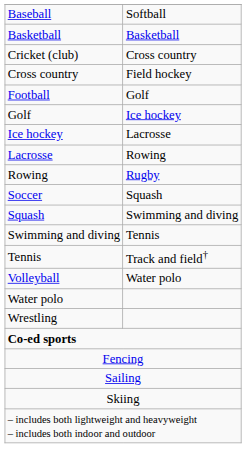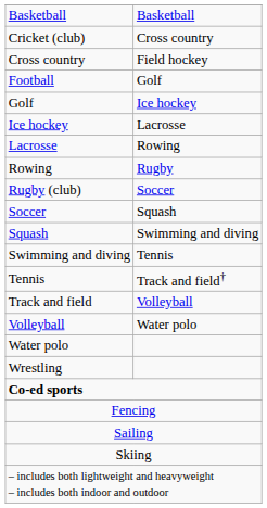 <table class="wikitable" style="float:right; clear:right; margin:0 0 1em 1em;">
 <tr>
-</tr>
-<tr>
-<td><a href='#'>Baseball</a></td>
-<td>Softball</td>
 </tr>
 <tr>
 <td><a href='#'>Basketball</a></td>
 <td><a href='#'>Basketball</a></td>
 </tr>
 <tr>
 <td>Cricket (club)</td>
 <td>Cross country</td>
 </tr>
 <tr>
 <td>Cross country</td>
 <td>Field hockey</td>
 </tr>
 <tr>
 <td><a href='#'>Football</a></td>
 <td>Golf</td>
 </tr>
 <tr>
 <td>Golf</td>
 <td><a href='#'>Ice hockey</a></td>
 </tr>
 <tr>
 <td><a href='#'>Ice hockey</a></td>
 <td>Lacrosse</td>
 </tr>
 <tr>
 <td><a href='#'>Lacrosse</a></td>
 <td>Rowing</td>
 </tr>
 <tr>
 <td>Rowing</td>
 <td><a href='#'>Rugby</a></td>
 </tr>
 <tr>
+<td><a href='#'>Rugby</a> (club)</td>
+<td><a href='#'>Soccer</a></td>
+</tr>
+<tr>
 <td><a href='#'>Soccer</a></td>
 <td>Squash</td>
 </tr>
 <tr>
 <td><a href='#'>Squash</a></td>
 <td>Swimming and diving</td>
 </tr>
 <tr>
 <td>Swimming and diving</td>
 <td>Tennis</td>
 </tr>
 <tr>
 <td>Tennis</td>
 <td>Track and field<sup>†</sup></td>
+</tr>
+<tr>
+<td>Track and field</td>
+<td><a href='#'>Volleyball</a></td>
 </tr>
 <tr>
 <td><a href='#'>Volleyball</a></td>
 <td>Water polo</td>
 </tr>
 <tr>
 <td>Water polo</td>
 <td></td>
 </tr>
 <tr>
 <td>Wrestling</td>
 <td></td>
 </tr>
 <tr>
 <td colspan="2"><strong>Co-ed sports</strong></td>
 </tr>
 <tr style="text-align:center">
 <td colspan="2"><a href='#'>Fencing</a></td>
 </tr>
 <tr style="text-align:center">
 <td colspan="2"><a href='#'>Sailing</a></td>
 </tr>
 <tr style="text-align:center">
 <td colspan="2">Skiing</td>
 </tr>
 <tr>
 <td colspan="2"><small> – includes both lightweight and heavyweight<br>  – includes both indoor and outdoor</small></td>
 </tr>
 </table>
